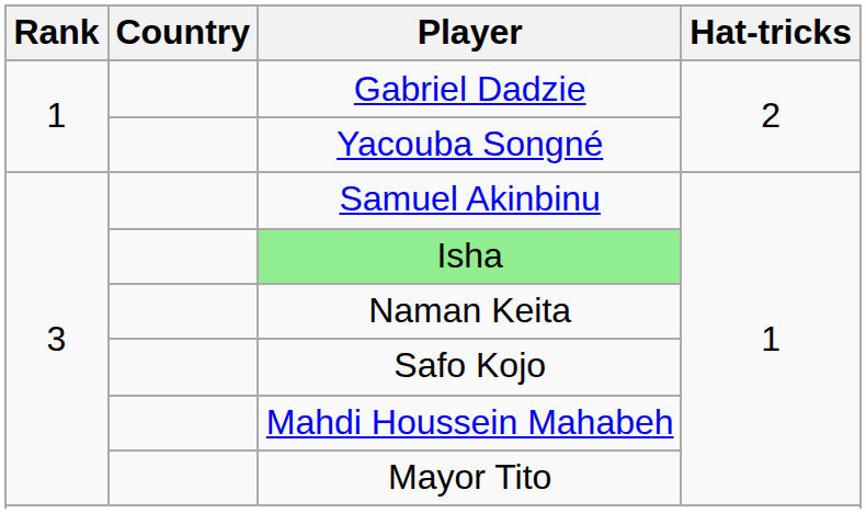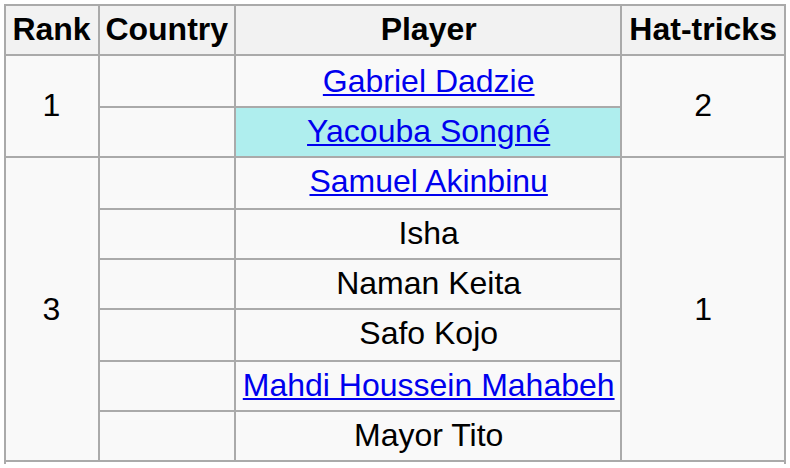 <table class="wikitable" style="text-align:center;">
 <tr>
 <th>Rank</th>
 <th>Country</th>
 <th>Player</th>
 <th>Hat-tricks</th>
 </tr>
 <tr>
 <td rowspan=2>1</td>
 <td></td>
 <td><a href='#'>Gabriel Dadzie</a></td>
 <td rowspan=2>2</td>
 </tr>
 <tr>
 <td></td>
-<td><a href='#'>Yacouba Songné</a></td>
+<td style="background: paleturquoise;"><a href='#'>Yacouba Songné</a></td>
 </tr>
 <tr>
 <td rowspan=10>3</td>
 <td></td>
 <td><a href='#'>Samuel Akinbinu</a></td>
 <td rowspan=10>1</td>
 </tr>
 <tr>
 <td></td>
-<td style="background: lightgreen;">Isha</td>
+<td>Isha</td>
 </tr>
 <tr>
 <td></td>
 <td>Naman Keita</td>
 </tr>
 <tr>
 <td></td>
 <td>Safo Kojo</td>
 </tr>
 <tr>
 <td></td>
 <td><a href='#'>Mahdi Houssein Mahabeh</a></td>
 </tr>
 <tr>
 <td></td>
 <td>Mayor Tito</td>
 </tr>
 <tr>
 </tr>
 </table>
